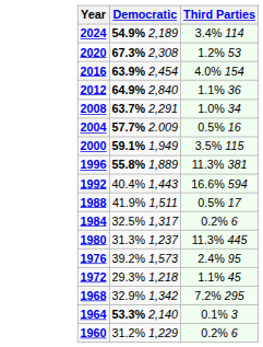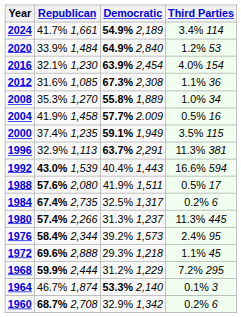 <table class="wikitable" style="float:right; margin: 1em 1em 1em 0; font-size: 95%;">
 <tr>
 <th>Year</th>
+<th><a href='#'>Republican</a></th>
 <th><a href='#'>Democratic</a></th>
 <th><a href='#'>Third Parties</a></th>
 </tr>
 <tr>
 <td style="text-align:center; "><strong><a href='#'>2024</a></strong></td>
+<td style="text-align:center; ">41.7% <em>1,661</em></td>
 <td style="text-align:center; "><strong>54.9%</strong> <em>2,189</em></td>
 <td style="text-align:center; background:honeyDew;">3.4% <em>114</em></td>
 </tr>
 <tr>
 <td style="text-align:center; "><strong><a href='#'>2020</a></strong></td>
-<td style="text-align:center; "><strong>67.3%</strong>  <em>2,308</em></td>
+<td style="text-align:center; ">33.9% <em>1,484</em></td>
+<td style="text-align:center; "><strong>64.9%</strong>  <em>2,840</em></td>
 <td style="text-align:center; background:honeyDew;">1.2% <em>53</em></td>
 </tr>
 <tr>
 <td style="text-align:center; "><strong><a href='#'>2016</a></strong></td>
+<td style="text-align:center; ">32.1% <em>1,230</em></td>
 <td style="text-align:center; "><strong>63.9%</strong>  <em>2,454</em></td>
 <td style="text-align:center; background:honeyDew;">4.0% <em>154</em></td>
 </tr>
 <tr>
 <td style="text-align:center; "><strong><a href='#'>2012</a></strong></td>
-<td style="text-align:center; "><strong>64.9%</strong>  <em>2,840</em></td>
+<td style="text-align:center; ">31.6% <em>1,085</em></td>
+<td style="text-align:center; "><strong>67.3%</strong>  <em>2,308</em></td>
 <td style="text-align:center; background:honeyDew;">1.1% <em>36</em></td>
 </tr>
 <tr>
 <td style="text-align:center; "><strong><a href='#'>2008</a></strong></td>
-<td style="text-align:center; "><strong>63.7%</strong>  <em>2,291</em></td>
+<td style="text-align:center; ">35.3% <em>1,270</em></td>
+<td style="text-align:center; "><strong>55.8%</strong>  <em>1,889</em></td>
 <td style="text-align:center; background:honeyDew;">1.0% <em>34</em></td>
 </tr>
 <tr>
 <td style="text-align:center; "><strong><a href='#'>2004</a></strong></td>
+<td style="text-align:center; ">41.9% <em>1,458</em></td>
 <td style="text-align:center; "><strong>57.7%</strong>  <em>2.009</em></td>
 <td style="text-align:center; background:honeyDew;">0.5% <em>16</em></td>
 </tr>
 <tr>
 <td style="text-align:center; "><strong><a href='#'>2000</a></strong></td>
+<td style="text-align:center; ">37.4% <em>1,235</em></td>
 <td style="text-align:center; "><strong>59.1%</strong>  <em>1,949</em></td>
 <td style="text-align:center; background:honeyDew;">3.5% <em>115</em></td>
 </tr>
 <tr>
 <td style="text-align:center; "><strong><a href='#'>1996</a></strong></td>
-<td style="text-align:center; "><strong>55.8%</strong>  <em>1,889</em></td>
+<td style="text-align:center; ">32.9% <em>1,113</em></td>
+<td style="text-align:center; "><strong>63.7%</strong>  <em>2,291</em></td>
 <td style="text-align:center; background:honeyDew;">11.3% <em>381</em></td>
 </tr>
 <tr>
 <td style="text-align:center; "><strong><a href='#'>1992</a></strong></td>
+<td style="text-align:center; "><strong>43.0%</strong> <em>1,539</em></td>
 <td style="text-align:center; ">40.4%  <em>1,443</em></td>
 <td style="text-align:center; background:honeyDew;">16.6% <em>594</em></td>
 </tr>
 <tr>
 <td style="text-align:center; "><strong><a href='#'>1988</a></strong></td>
+<td style="text-align:center; "><strong>57.6%</strong> <em>2,080</em></td>
 <td style="text-align:center; ">41.9%  <em>1,511</em></td>
 <td style="text-align:center; background:honeyDew;">0.5% <em>17</em></td>
 </tr>
 <tr>
 <td style="text-align:center; "><strong><a href='#'>1984</a></strong></td>
+<td style="text-align:center; "><strong>67.4%</strong> <em>2,735</em></td>
 <td style="text-align:center; ">32.5%  <em>1,317</em></td>
 <td style="text-align:center; background:honeyDew;">0.2% <em>6</em></td>
 </tr>
 <tr>
 <td style="text-align:center; "><strong><a href='#'>1980</a></strong></td>
+<td style="text-align:center; "><strong>57.4%</strong> <em>2,266</em></td>
 <td style="text-align:center; ">31.3%  <em>1,237</em></td>
 <td style="text-align:center; background:honeyDew;">11.3% <em>445</em></td>
 </tr>
 <tr>
 <td style="text-align:center; "><strong><a href='#'>1976</a></strong></td>
+<td style="text-align:center; "><strong>58.4%</strong> <em>2,344</em></td>
 <td style="text-align:center; ">39.2%  <em>1,573</em></td>
 <td style="text-align:center; background:honeyDew;">2.4% <em>95</em></td>
 </tr>
 <tr>
 <td style="text-align:center; "><strong><a href='#'>1972</a></strong></td>
+<td style="text-align:center; "><strong>69.6%</strong> <em>2,888</em></td>
 <td style="text-align:center; ">29.3%  <em>1,218</em></td>
 <td style="text-align:center; background:honeyDew;">1.1% <em>45</em></td>
 </tr>
 <tr>
 <td style="text-align:center; "><strong><a href='#'>1968</a></strong></td>
-<td style="text-align:center; ">32.9%  <em>1,342</em></td>
+<td style="text-align:center; "><strong>59.9%</strong> <em>2,444</em></td>
+<td style="text-align:center; ">31.2%  <em>1,229</em></td>
 <td style="text-align:center; background:honeyDew;">7.2% <em>295</em></td>
 </tr>
 <tr>
 <td style="text-align:center; "><strong><a href='#'>1964</a></strong></td>
+<td style="text-align:center; ">46.7% <em>1,874</em></td>
 <td style="text-align:center; "><strong>53.3%</strong>  <em>2,140</em></td>
 <td style="text-align:center; background:honeyDew;">0.1% <em>3</em></td>
 </tr>
 <tr>
 <td style="text-align:center; "><strong><a href='#'>1960</a></strong></td>
-<td style="text-align:center; ">31.2%  <em>1,229</em></td>
+<td style="text-align:center; "><strong>68.7%</strong> <em>2,708</em></td>
+<td style="text-align:center; ">32.9%  <em>1,342</em></td>
 <td style="text-align:center; background:honeyDew;">0.2% <em>6</em></td>
 </tr>
 </table>
